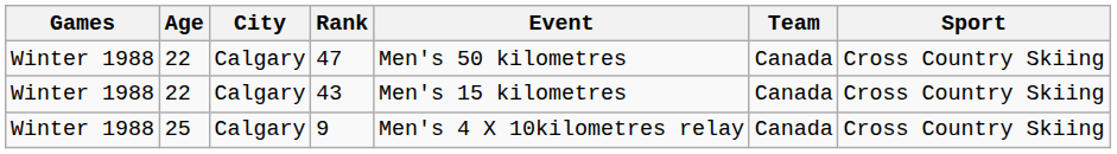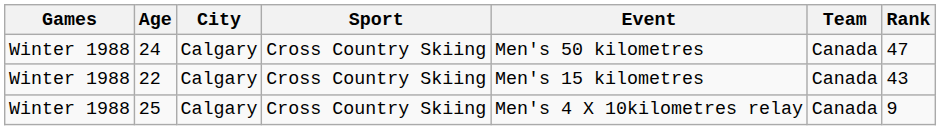 <table class="wikitable">
 <tr>
 <th>Games</th>
 <th>Age</th>
 <th>City</th>
-<th>Rank</th>
+<th>Sport</th>
 <th>Event</th>
 <th>Team</th>
-<th>Sport</th>
+<th>Rank</th>
+</tr>
+<tr>
+<td>Winter 1988</td>
+<td>24</td>
+<td>Calgary</td>
+<td>Cross Country Skiing</td>
+<td>Men's 50 kilometres</td>
+<td>Canada</td>
+<td>47</td>
 </tr>
 <tr>
 <td>Winter 1988</td>
 <td>22</td>
 <td>Calgary</td>
-<td>47</td>
-<td>Men's 50 kilometres</td>
-<td>Canada</td>
 <td>Cross Country Skiing</td>
-</tr>
-<tr>
-<td>Winter 1988</td>
-<td>22</td>
-<td>Calgary</td>
-<td>43</td>
 <td>Men's 15 kilometres</td>
 <td>Canada</td>
-<td>Cross Country Skiing</td>
+<td>43</td>
 </tr>
 <tr>
 <td>Winter 1988</td>
 <td>25</td>
 <td>Calgary</td>
-<td>9</td>
+<td>Cross Country Skiing</td>
 <td>Men's 4 X 10kilometres relay</td>
 <td>Canada</td>
-<td>Cross Country Skiing</td>
+<td>9</td>
 </tr>
 </table>
